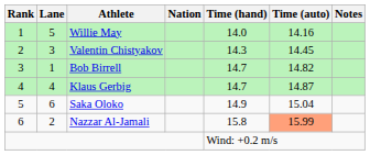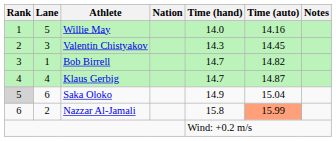 <table class="wikitable sortable" style="text-align:center">
 <tr>
 <th>Rank</th>
 <th>Lane</th>
 <th>Athlete</th>
 <th>Nation</th>
 <th>Time (hand)</th>
 <th>Time (auto)</th>
 <th>Notes</th>
 </tr>
 <tr bgcolor=bbf3bb>
 <td>1</td>
 <td>5</td>
 <td align=left><a href='#'>Willie May</a></td>
 <td align=left></td>
 <td>14.0</td>
 <td>14.16</td>
 <td></td>
 </tr>
 <tr bgcolor=bbf3bb>
 <td>2</td>
 <td>3</td>
 <td align=left><a href='#'>Valentin Chistyakov</a></td>
 <td align=left></td>
 <td>14.3</td>
 <td>14.45</td>
 <td></td>
 </tr>
 <tr bgcolor=bbf3bb>
 <td>3</td>
 <td>1</td>
 <td align=left><a href='#'>Bob Birrell</a></td>
 <td align=left></td>
 <td>14.7</td>
 <td>14.82</td>
 <td></td>
 </tr>
 <tr bgcolor=bbf3bb>
 <td>4</td>
 <td>4</td>
 <td align=left><a href='#'>Klaus Gerbig</a></td>
 <td align=left></td>
 <td>14.7</td>
 <td>14.87</td>
 <td></td>
 </tr>
 <tr>
-<td>5</td>
+<td style="background: lightgrey;">5</td>
 <td>6</td>
 <td align=left><a href='#'>Saka Oloko</a></td>
 <td align=left></td>
 <td>14.9</td>
 <td>15.04</td>
 <td></td>
 </tr>
 <tr>
 <td>6</td>
 <td>2</td>
 <td align=left><a href='#'>Nazzar Al-Jamali</a></td>
 <td align=left></td>
 <td>15.8</td>
 <td style="background: lightsalmon;">15.99</td>
 <td></td>
 </tr>
 <tr class="sortbottom">
 <td colspan=4></td>
 <td colspan="3" style="text-align:left;">Wind: +0.2 m/s</td>
 </tr>
 </table>
